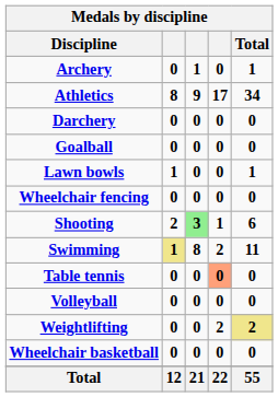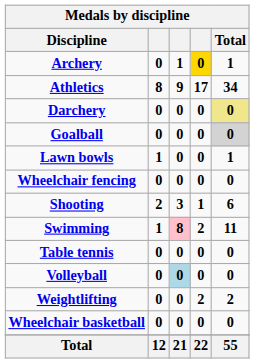 <table class="wikitable" style="font-size:85%" align="right">
 <tr bgcolor="#efefef">
 <th colspan=6>Medals by discipline</th>
 </tr>
 <tr style="text-align:center;">
 <th>Discipline</th>
 <th></th>
 <th></th>
 <th></th>
 <th>Total</th>
 </tr>
 <tr style="text-align:center; font-weight:bold;">
 <td><a href='#'>Archery</a></td>
 <td>0</td>
 <td>1</td>
-<td>0</td>
+<td style="background: gold;">0</td>
 <td>1</td>
 </tr>
 <tr style="text-align:center; font-weight:bold;">
 <td><a href='#'>Athletics</a></td>
 <td>8</td>
 <td>9</td>
 <td>17</td>
 <td>34</td>
 </tr>
 <tr style="text-align:center; font-weight:bold;">
 <td><a href='#'>Darchery</a></td>
 <td>0</td>
 <td>0</td>
 <td>0</td>
-<td>0</td>
+<td style="background: khaki;">0</td>
 </tr>
 <tr style="text-align:center; font-weight:bold;">
 <td><a href='#'>Goalball</a></td>
 <td>0</td>
 <td>0</td>
 <td>0</td>
-<td>0</td>
+<td style="background: lightgrey;">0</td>
 </tr>
 <tr style="text-align:center; font-weight:bold;">
 <td><a href='#'>Lawn bowls</a></td>
 <td>1</td>
 <td>0</td>
 <td>0</td>
 <td>1</td>
 </tr>
 <tr style="text-align:center; font-weight:bold;">
 <td><a href='#'>Wheelchair fencing</a></td>
 <td>0</td>
 <td>0</td>
 <td>0</td>
 <td>0</td>
 </tr>
 <tr style="text-align:center; font-weight:bold;">
 <td><a href='#'>Shooting</a></td>
 <td>2</td>
-<td style="background: lightgreen;">3</td>
+<td>3</td>
 <td>1</td>
 <td>6</td>
 </tr>
 <tr style="text-align:center; font-weight:bold;">
 <td><a href='#'>Swimming</a></td>
-<td style="background: khaki;">1</td>
-<td>8</td>
+<td>1</td>
+<td style="background: pink;">8</td>
 <td>2</td>
 <td>11</td>
 </tr>
 <tr style="text-align:center; font-weight:bold;">
 <td><a href='#'>Table tennis</a></td>
 <td>0</td>
 <td>0</td>
-<td style="background: lightsalmon;">0</td>
+<td>0</td>
 <td>0</td>
 </tr>
 <tr style="text-align:center; font-weight:bold;">
 <td><a href='#'>Volleyball</a></td>
 <td>0</td>
-<td>0</td>
+<td style="background: lightblue;">0</td>
 <td>0</td>
 <td>0</td>
 </tr>
 <tr style="text-align:center; font-weight:bold;">
 <td><a href='#'>Weightlifting</a></td>
 <td>0</td>
 <td>0</td>
 <td>2</td>
-<td style="background: khaki;">2</td>
+<td>2</td>
 </tr>
 <tr style="text-align:center; font-weight:bold;">
 <td><a href='#'>Wheelchair basketball</a></td>
 <td>0</td>
 <td>0</td>
 <td>0</td>
 <td>0</td>
 </tr>
 <tr style="text-align:center; font-weight:bold;">
 </tr>
 <tr style="text-align:center;">
 <th>Total</th>
 <th>12</th>
 <th>21</th>
 <th>22</th>
 <th>55</th>
 </tr>
 </table>
